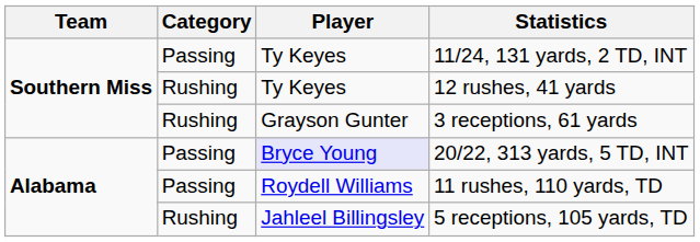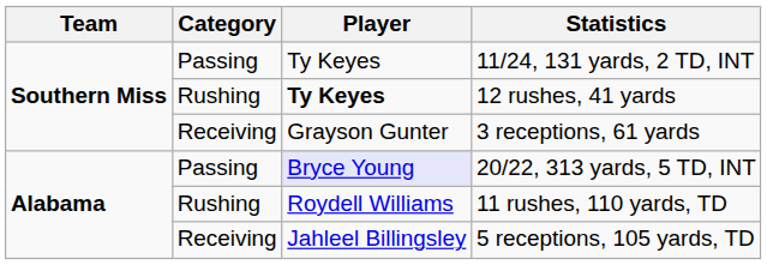 <table class="wikitable" style="float: left;">
 <tr>
 <th>Team</th>
 <th>Category</th>
 <th>Player</th>
 <th>Statistics</th>
 </tr>
 <tr>
 <td rowspan=3><strong>Southern Miss</strong></td>
 <td>Passing</td>
 <td>Ty Keyes</td>
 <td>11/24, 131 yards, 2 TD, INT</td>
 </tr>
 <tr>
 <td>Rushing</td>
-<td>Ty Keyes</td>
+<td><strong>Ty Keyes</strong></td>
 <td>12 rushes, 41 yards</td>
 </tr>
 <tr>
-<td>Rushing</td>
+<td>Receiving</td>
 <td>Grayson Gunter</td>
 <td>3 receptions, 61 yards</td>
 </tr>
 <tr>
 <td rowspan=3><strong>Alabama</strong></td>
 <td>Passing</td>
 <td style="background: lavender;"><a href='#'>Bryce Young</a></td>
 <td>20/22, 313 yards, 5 TD, INT</td>
 </tr>
 <tr>
-<td>Passing</td>
+<td>Rushing</td>
 <td><a href='#'>Roydell Williams</a></td>
 <td>11 rushes, 110 yards, TD</td>
 </tr>
 <tr>
-<td>Rushing</td>
+<td>Receiving</td>
 <td><a href='#'>Jahleel Billingsley</a></td>
 <td>5 receptions, 105 yards, TD</td>
 </tr>
 </table>
